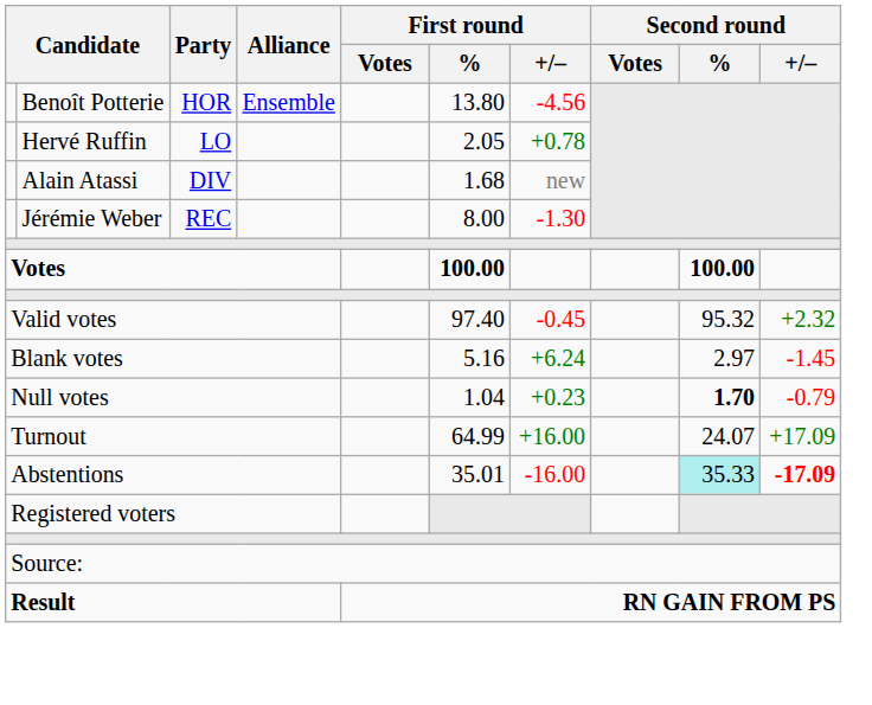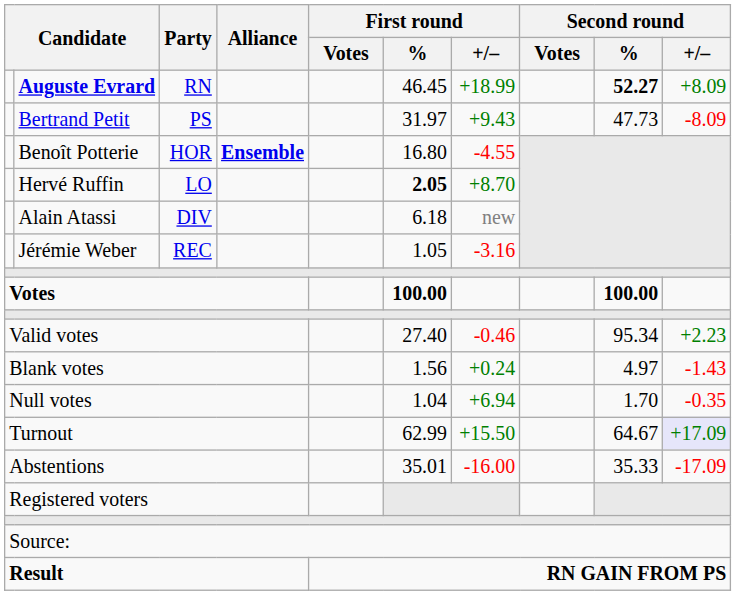 <table class="wikitable" style="text-align:right;font-size:95%;">
 <tr>
 <th rowspan="2" colspan="2">Candidate</th>
 <th colspan="1" rowspan="2">Party</th>
 <th colspan="1" rowspan="2">Alliance</th>
 <th colspan="3">First round</th>
 <th colspan="3">Second round</th>
 </tr>
 <tr>
 <th style="width:50px;">Votes</th>
 <th style="width:45px;">%</th>
 <th style="width:45px;">+/–</th>
 <th style="width:50px;">Votes</th>
 <th style="width:45px;">%</th>
 <th style="width:45px;">+/–</th>
 </tr>
 <tr>
 <td style="background:"></td>
+<td style="text-align:left;"><strong><a href='#'>Auguste Evrard</a></strong></td>
+<td><a href='#'>RN</a></td>
+<td></td>
+<td></td>
+<td>46.45</td>
+<td style="color:green;">+18.99</td>
+<td><strong></strong></td>
+<td><strong>52.27</strong></td>
+<td style="color:green;">+8.09</td>
+</tr>
+<tr>
+<td style="background:"></td>
+<td style="text-align:left;"><a href='#'>Bertrand Petit</a></td>
+<td><a href='#'>PS</a></td>
+<td></td>
+<td></td>
+<td>31.97</td>
+<td style="color:green;">+9.43</td>
+<td></td>
+<td>47.73</td>
+<td style="color:red;">-8.09</td>
+</tr>
+<tr>
+<td style="background:"></td>
 <td style="text-align:left;">Benoît Potterie</td>
 <td><a href='#'>HOR</a></td>
-<td><a href='#'>Ensemble</a></td>
+<td><strong><a href='#'>Ensemble</a></strong></td>
 <td></td>
-<td>13.80</td>
-<td style="color:red;">-4.56</td>
+<td>16.80</td>
+<td style="color:red;">-4.55</td>
 <td colspan="3" rowspan="4" style="background:#E9E9E9;"></td>
 </tr>
 <tr>
 <td style="background:"></td>
 <td style="text-align:left;">Hervé Ruffin</td>
 <td><a href='#'>LO</a></td>
 <td></td>
 <td></td>
-<td>2.05</td>
-<td style="color:green;">+0.78</td>
+<td><strong>2.05</strong></td>
+<td style="color:green;">+8.70</td>
 </tr>
 <tr>
 <td style="background:"></td>
 <td style="text-align:left;">Alain Atassi</td>
 <td><a href='#'>DIV</a></td>
 <td></td>
 <td></td>
-<td>1.68</td>
+<td>6.18</td>
 <td style="color:grey;">new</td>
 </tr>
 <tr>
 <td style="background:"></td>
 <td style="text-align:left;">Jérémie Weber</td>
 <td><a href='#'>REC</a></td>
 <td></td>
 <td></td>
-<td>8.00</td>
-<td style="color:red;">-1.30</td>
+<td>1.05</td>
+<td style="color:red;">-3.16</td>
 </tr>
 <tr>
 <td colspan="10" style="background:#E9E9E9;"></td>
 </tr>
 <tr style="font-weight:bold;">
 <td colspan="4" style="text-align:left;">Votes</td>
 <td></td>
 <td>100.00</td>
 <td></td>
 <td></td>
 <td>100.00</td>
 <td></td>
 </tr>
 <tr>
 <td colspan="10" style="background:#E9E9E9;"></td>
 </tr>
 <tr>
 <td colspan="4" style="text-align:left;">Valid votes</td>
 <td></td>
-<td>97.40</td>
-<td style="color:red;">-0.45</td>
+<td>27.40</td>
+<td style="color:red;">-0.46</td>
 <td></td>
-<td>95.32</td>
-<td style="color:green;">+2.32</td>
+<td>95.34</td>
+<td style="color:green;">+2.23</td>
 </tr>
 <tr>
 <td colspan="4" style="text-align:left;">Blank votes</td>
 <td></td>
-<td>5.16</td>
-<td style="color:green;">+6.24</td>
+<td>1.56</td>
+<td style="color:green;">+0.24</td>
 <td></td>
-<td>2.97</td>
-<td style="color:red;">-1.45</td>
+<td>4.97</td>
+<td style="color:red;">-1.43</td>
 </tr>
 <tr>
 <td colspan="4" style="text-align:left;">Null votes</td>
 <td></td>
 <td>1.04</td>
-<td style="color:green;">+0.23</td>
+<td style="color:green;">+6.94</td>
 <td></td>
-<td><strong>1.70</strong></td>
-<td style="color:red;">-0.79</td>
+<td>1.70</td>
+<td style="color:red;">-0.35</td>
 </tr>
 <tr>
 <td colspan="4" style="text-align:left;">Turnout</td>
 <td></td>
-<td>64.99</td>
-<td style="color:green;">+16.00</td>
+<td>62.99</td>
+<td style="color:green;">+15.50</td>
 <td></td>
-<td>24.07</td>
-<td style="color:green;">+17.09</td>
+<td>64.67</td>
+<td style="background: lavender; color:green;">+17.09</td>
 </tr>
 <tr>
 <td colspan="4" style="text-align:left;">Abstentions</td>
 <td></td>
 <td>35.01</td>
 <td style="color:red;">-16.00</td>
 <td></td>
-<td style="background: paleturquoise;">35.33</td>
-<td style="color:red;"><strong>-17.09</strong></td>
+<td>35.33</td>
+<td style="color:red;">-17.09</td>
 </tr>
 <tr>
 <td colspan="4" style="text-align:left;">Registered voters</td>
 <td></td>
 <td colspan="2" style="background:#E9E9E9;"></td>
 <td></td>
 <td colspan="2" style="background:#E9E9E9;"></td>
 </tr>
 <tr>
 <td colspan="10" style="background:#E9E9E9;"></td>
 </tr>
 <tr>
 <td colspan="10" style="text-align:left;">Source: </td>
 </tr>
 <tr style="font-weight:bold">
 <td colspan="4" style="text-align:left;">Result</td>
 <td colspan="6" style="background-color:">RN GAIN FROM PS</td>
 </tr>
 </table>
